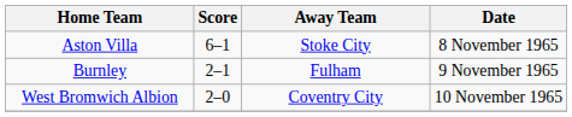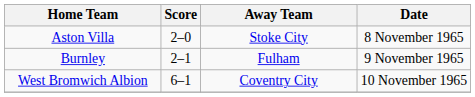 <table class="wikitable" style="text-align:center;">
 <tr>
 <th width=175>Home Team</th>
 <th width=20>Score</th>
 <th width=175>Away Team</th>
 <th width=125>Date</th>
 </tr>
 <tr>
 <td><a href='#'>Aston Villa</a></td>
-<td>6–1</td>
+<td>2–0</td>
 <td><a href='#'>Stoke City</a></td>
 <td>8 November 1965</td>
 </tr>
 <tr>
 <td><a href='#'>Burnley</a></td>
 <td>2–1</td>
 <td><a href='#'>Fulham</a></td>
 <td>9 November 1965</td>
 </tr>
 <tr>
 <td><a href='#'>West Bromwich Albion</a></td>
-<td>2–0</td>
+<td>6–1</td>
 <td><a href='#'>Coventry City</a></td>
 <td>10 November 1965</td>
 </tr>
 <tr>
 </tr>
 </table>
